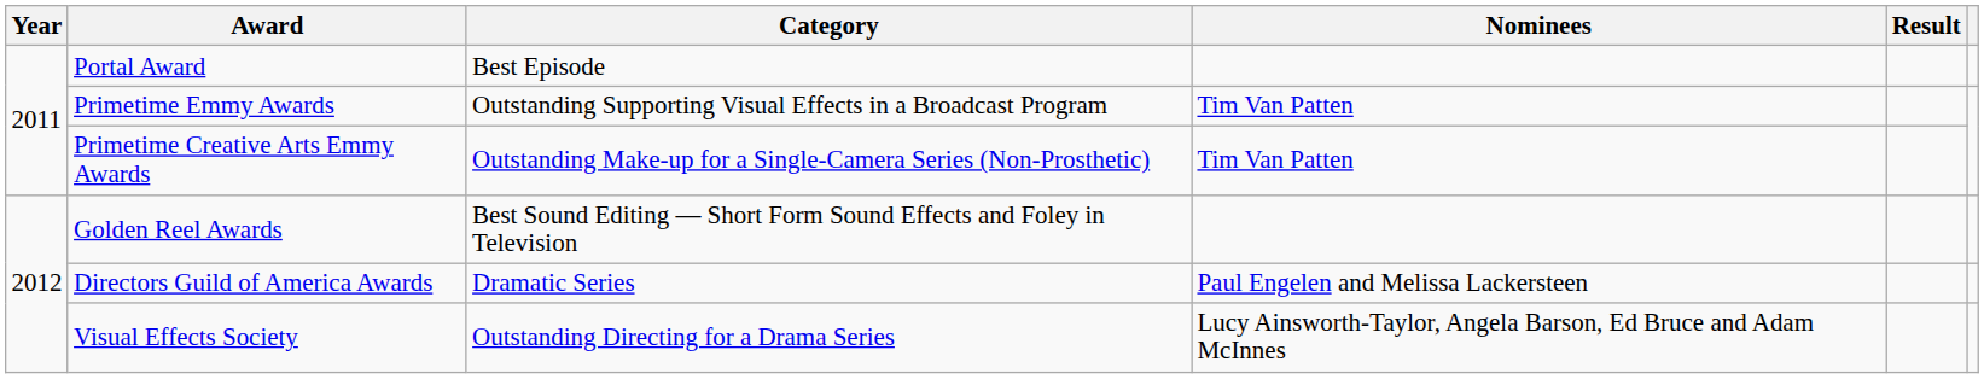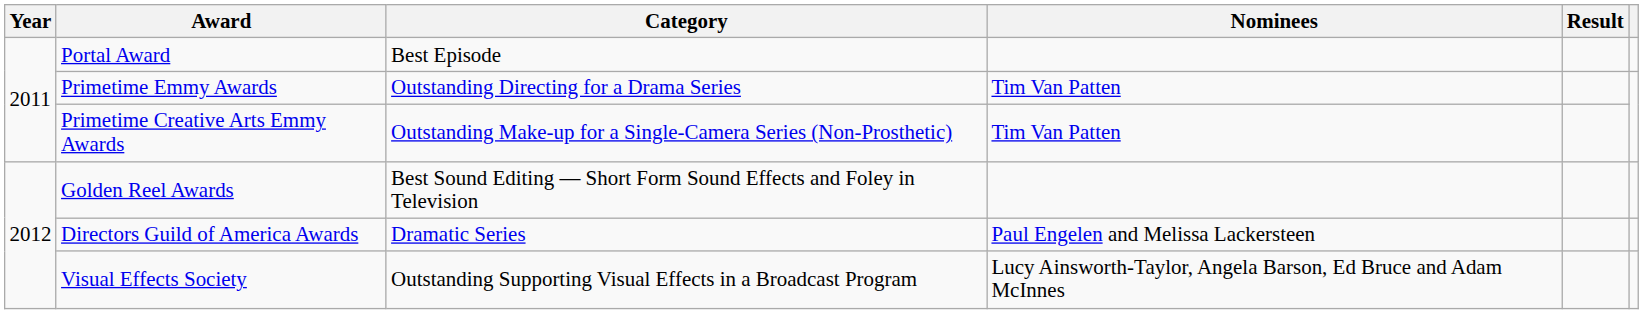 <table class="wikitable sortable plainrowheaders">
 <tr>
 <th>Year</th>
 <th>Award</th>
 <th>Category</th>
 <th>Nominees</th>
 <th>Result</th>
 <th></th>
 </tr>
 <tr>
 <td rowspan=3>2011</td>
 <td scope="row"><a href='#'>Portal Award</a></td>
 <td scope="row">Best Episode</td>
 <td scope="row"></td>
 <td></td>
 <td style="text-align:center;"></td>
 </tr>
 <tr>
 <td scope="row"><a href='#'>Primetime Emmy Awards</a></td>
-<td scope="row">Outstanding Supporting Visual Effects in a Broadcast Program</td>
+<td scope="row"><a href='#'>Outstanding Directing for a Drama Series</a></td>
 <td scope="row"><a href='#'>Tim Van Patten</a></td>
 <td></td>
 <td style="text-align:center;" rowspan="2"></td>
 </tr>
 <tr>
 <td scope="row"><a href='#'>Primetime Creative Arts Emmy Awards</a></td>
 <td scope="row"><a href='#'>Outstanding Make-up for a Single-Camera Series (Non-Prosthetic)</a></td>
 <td scope="row"><a href='#'>Tim Van Patten</a></td>
 <td></td>
 </tr>
 <tr>
 <td rowspan=3>2012</td>
 <td scope="row"><a href='#'>Golden Reel Awards</a></td>
 <td scope="row">Best Sound Editing — Short Form Sound Effects and Foley in Television</td>
 <td scope="row"></td>
 <td></td>
 <td style="text-align:center;"></td>
 </tr>
 <tr>
 <td scope="row"><a href='#'>Directors Guild of America Awards</a></td>
 <td scope="row"><a href='#'>Dramatic Series</a></td>
 <td scope="row"><a href='#'>Paul Engelen</a> and Melissa Lackersteen</td>
 <td></td>
 <td style="text-align:center;"></td>
 </tr>
 <tr>
 <td scope="row"><a href='#'>Visual Effects Society</a></td>
-<td scope="row"><a href='#'>Outstanding Directing for a Drama Series</a></td>
+<td scope="row">Outstanding Supporting Visual Effects in a Broadcast Program</td>
 <td scope="row">Lucy Ainsworth-Taylor, Angela Barson, Ed Bruce and Adam McInnes</td>
 <td></td>
 <td style="text-align:center;"></td>
 </tr>
 </table>
